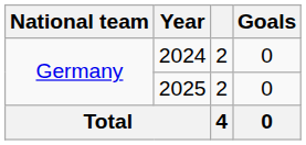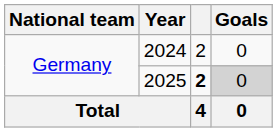 <table class="wikitable" style="text-align: center">
 <tr>
 <th>National team</th>
 <th>Year</th>
 <th></th>
 <th>Goals</th>
 </tr>
 <tr>
 <td rowspan=2><a href='#'>Germany</a></td>
 <td>2024</td>
 <td>2</td>
 <td>0</td>
 </tr>
 <tr>
 <td>2025</td>
-<td>2</td>
-<td>0</td>
+<td><strong>2</strong></td>
+<td style="background: lightgrey;">0</td>
 </tr>
 <tr>
 <th colspan="2">Total</th>
 <th>4</th>
 <th>0</th>
 </tr>
 </table>
